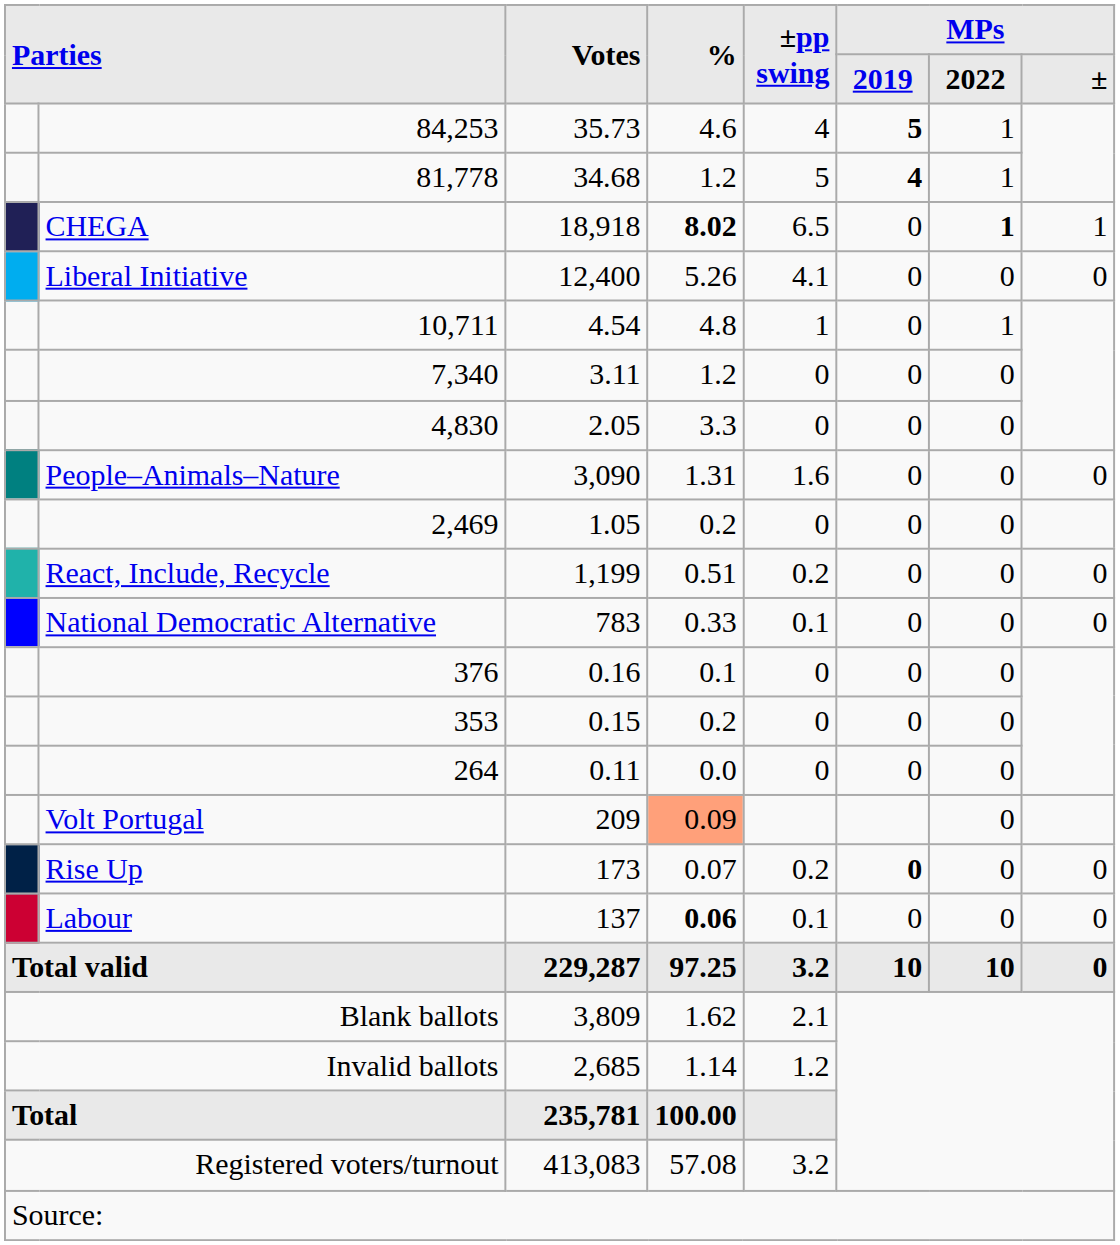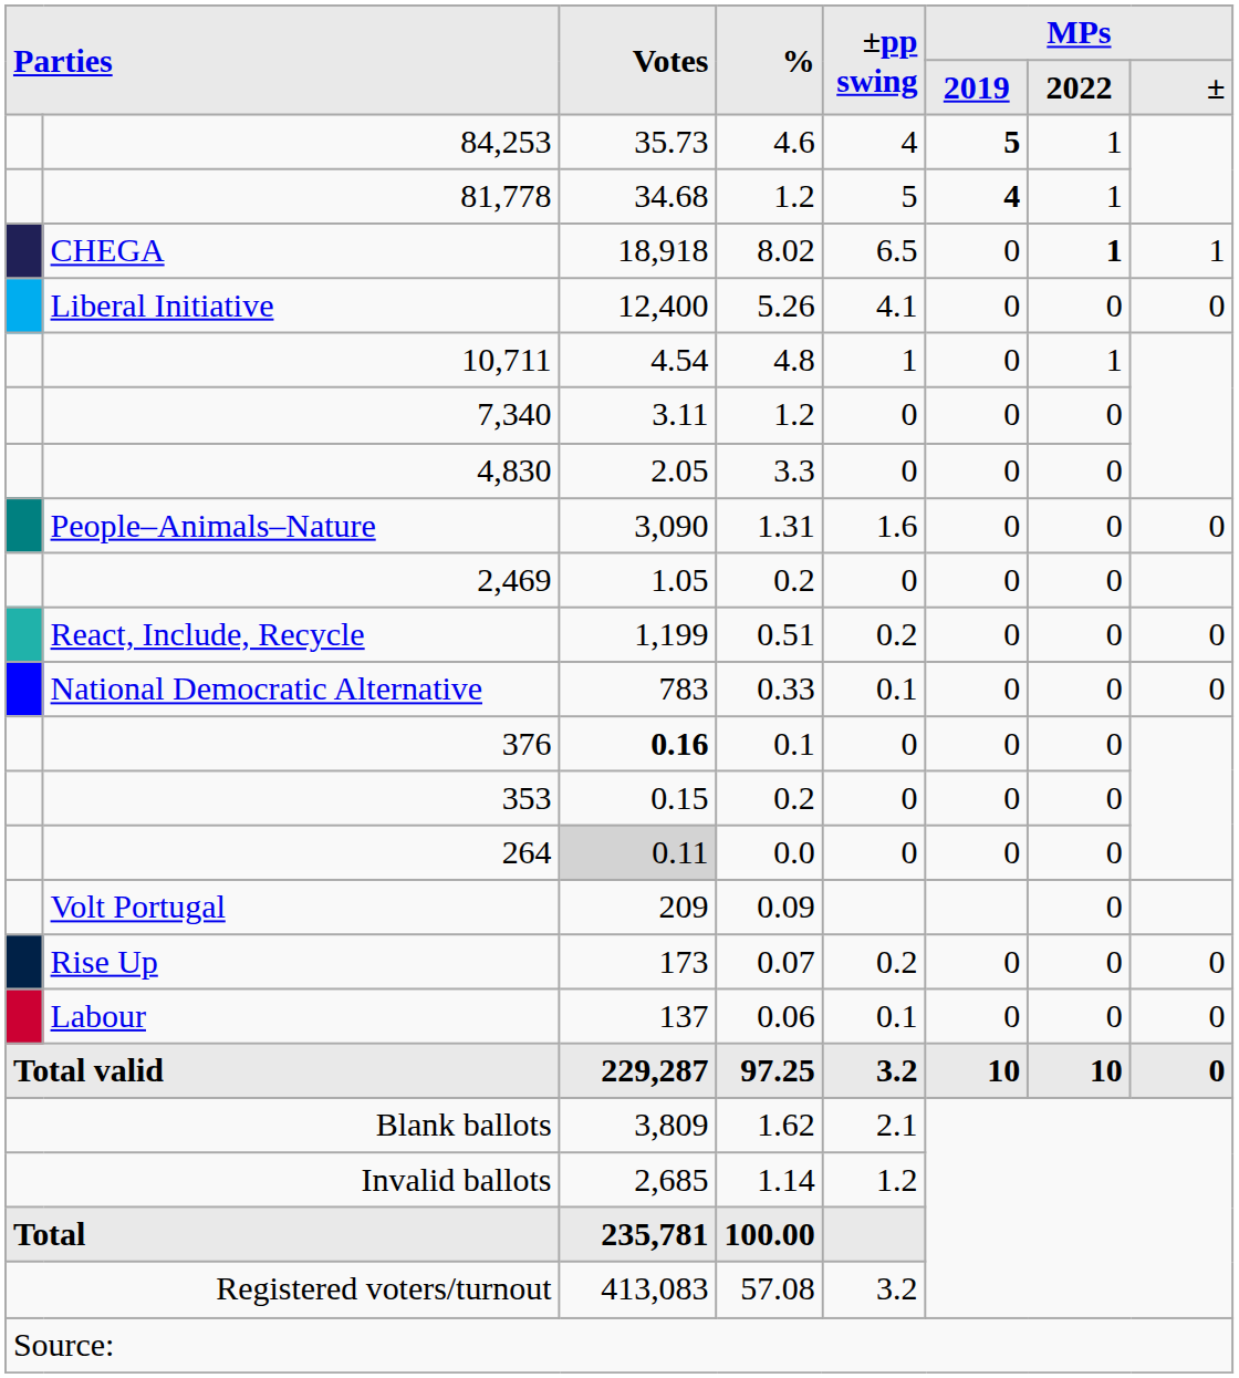 <table class="wikitable" style="text-align:right; font-size:95%;">
 <tr>
 <th rowspan="2" colspan="2" style="background:#e9e9e9; text-align:left;" alignleft><a href='#'>Parties</a></th>
 <th rowspan="2" style="background:#e9e9e9; text-align:right;">Votes</th>
 <th rowspan="2" style="background:#e9e9e9; text-align:right;">%</th>
 <th rowspan="2" style="background:#e9e9e9; text-align:right;">±<a href='#'>pp</a> <a href='#'>swing</a></th>
 <th colspan="3" style="background:#e9e9e9; text-align:center;"><a href='#'>MPs</a></th>
 </tr>
 <tr style="background-color:#E9E9E9">
 <th style="background-color:#E9E9E9;text-align:center;"><a href='#'>2019</a></th>
 <th style="background-color:#E9E9E9;text-align:center;">2022</th>
 <th style="background:#e9e9e9; text-align:right;">±</th>
 </tr>
 <tr>
 <td></td>
 <td>84,253</td>
 <td>35.73</td>
 <td>4.6</td>
 <td>4</td>
 <td><strong>5</strong></td>
 <td>1</td>
 </tr>
 <tr>
 <td></td>
 <td>81,778</td>
 <td>34.68</td>
 <td>1.2</td>
 <td>5</td>
 <td><strong>4</strong></td>
 <td>1</td>
 </tr>
 <tr>
 <td style="width: 10px" bgcolor="#202056" align="center"></td>
 <td align="left"><a href='#'>CHEGA</a></td>
 <td>18,918</td>
-<td><strong>8.02</strong></td>
+<td>8.02</td>
 <td>6.5</td>
 <td>0</td>
 <td><strong>1</strong></td>
 <td>1</td>
 </tr>
 <tr>
 <td style="width: 10px" bgcolor="#00ADEF" align="center"></td>
 <td align="left"><a href='#'>Liberal Initiative</a></td>
 <td>12,400</td>
 <td>5.26</td>
 <td>4.1</td>
 <td>0</td>
 <td>0</td>
 <td>0</td>
 </tr>
 <tr>
 <td></td>
 <td>10,711</td>
 <td>4.54</td>
 <td>4.8</td>
 <td>1</td>
 <td>0</td>
 <td>1</td>
 </tr>
 <tr>
 <td></td>
 <td>7,340</td>
 <td>3.11</td>
 <td>1.2</td>
 <td>0</td>
 <td>0</td>
 <td>0</td>
 </tr>
 <tr>
 <td></td>
 <td>4,830</td>
 <td>2.05</td>
 <td>3.3</td>
 <td>0</td>
 <td>0</td>
 <td>0</td>
 </tr>
 <tr>
 <td style="width: 10px" bgcolor="teal" align="center"></td>
 <td align="left"><a href='#'>People–Animals–Nature</a></td>
 <td>3,090</td>
 <td>1.31</td>
 <td>1.6</td>
 <td>0</td>
 <td>0</td>
 <td>0</td>
 </tr>
 <tr>
 <td></td>
 <td>2,469</td>
 <td>1.05</td>
 <td>0.2</td>
 <td>0</td>
 <td>0</td>
 <td>0</td>
 </tr>
 <tr>
 <td style="width: 10px" bgcolor="LightSeaGreen" align="center"></td>
 <td align="left"><a href='#'>React, Include, Recycle</a></td>
 <td>1,199</td>
 <td>0.51</td>
 <td>0.2</td>
 <td>0</td>
 <td>0</td>
 <td>0</td>
 </tr>
 <tr>
 <td style="width: 10px" bgcolor="blue" align="center"></td>
 <td align="left"><a href='#'>National Democratic Alternative</a></td>
 <td>783</td>
 <td>0.33</td>
 <td>0.1</td>
 <td>0</td>
 <td>0</td>
 <td>0</td>
 </tr>
 <tr>
 <td></td>
 <td>376</td>
-<td>0.16</td>
+<td><strong>0.16</strong></td>
 <td>0.1</td>
 <td>0</td>
 <td>0</td>
 <td>0</td>
 </tr>
 <tr>
 <td></td>
 <td>353</td>
 <td>0.15</td>
 <td>0.2</td>
 <td>0</td>
 <td>0</td>
 <td>0</td>
 </tr>
 <tr>
 <td></td>
 <td>264</td>
-<td>0.11</td>
+<td style="background: lightgrey;">0.11</td>
 <td>0.0</td>
 <td>0</td>
 <td>0</td>
 <td>0</td>
 </tr>
 <tr>
 <td style="width: 10px"></td>
 <td align="left"><a href='#'>Volt Portugal</a></td>
 <td>209</td>
-<td style="background: lightsalmon;">0.09</td>
+<td>0.09</td>
 <td></td>
 <td></td>
 <td>0</td>
 <td></td>
 </tr>
 <tr>
 <td style="width: 10px" bgcolor="#002147" align="center"></td>
 <td align="left"><a href='#'>Rise Up</a></td>
 <td>173</td>
 <td>0.07</td>
 <td>0.2</td>
-<td><strong>0</strong></td>
+<td>0</td>
 <td>0</td>
 <td>0</td>
 </tr>
 <tr>
 <td style="width: 10px" bgcolor="#CC0033" align="center"></td>
 <td align="left"><a href='#'>Labour</a></td>
 <td>137</td>
-<td><strong>0.06</strong></td>
+<td>0.06</td>
 <td>0.1</td>
 <td>0</td>
 <td>0</td>
 <td>0</td>
 </tr>
 <tr>
 <td colspan=2 width="247" align=left style="background-color:#E9E9E9"><strong>Total valid</strong></td>
 <td width="65" align="right" style="background-color:#E9E9E9"><strong>229,287</strong></td>
 <td width="40" align="right" style="background-color:#E9E9E9"><strong>97.25</strong></td>
 <td width="40" align="right" style="background-color:#E9E9E9"><strong>3.2</strong></td>
 <td width="40" align="right" style="background-color:#E9E9E9"><strong>10</strong></td>
 <td width="40" align="right" style="background-color:#E9E9E9"><strong>10</strong></td>
 <td width="40" align="right" style="background-color:#E9E9E9"><strong>0</strong></td>
 </tr>
 <tr>
 <td colspan=2>Blank ballots</td>
 <td>3,809</td>
 <td>1.62</td>
 <td>2.1</td>
 <td colspan=4 rowspan=4></td>
 </tr>
 <tr>
 <td colspan=2>Invalid ballots</td>
 <td>2,685</td>
 <td>1.14</td>
 <td>1.2</td>
 </tr>
 <tr>
 <td colspan=2 align=left style="background-color:#E9E9E9"><strong>Total</strong></td>
 <td width="50" align="right" style="background-color:#E9E9E9"><strong>235,781</strong></td>
 <td width="40" align="right" style="background-color:#E9E9E9"><strong>100.00</strong></td>
 <td width="40" align="right" style="background-color:#E9E9E9"></td>
 </tr>
 <tr>
 <td colspan=2>Registered voters/turnout</td>
 <td>413,083</td>
 <td>57.08</td>
 <td>3.2</td>
 </tr>
 <tr>
 <td colspan=11 align=left>Source: </td>
 </tr>
 </table>
